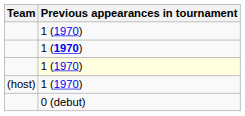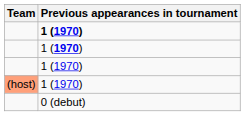 <table class="wikitable sortable">
 <tr>
 <th>Team</th>
 <th data-sort-type="number">Previous appearances in tournament</th>
 </tr>
 <tr>
 <td></td>
-<td>1 (<a href='#'>1970</a>)</td>
+<td><strong>1 (<a href='#'>1970</a>)</strong></td>
 </tr>
 <tr>
 <td></td>
 <td>1 (<strong><a href='#'>1970</a></strong>)</td>
 </tr>
 <tr>
 <td></td>
-<td style="background: lightyellow;">1 (<a href='#'>1970</a>)</td>
+<td>1 (<a href='#'>1970</a>)</td>
 </tr>
 <tr>
-<td> (host)</td>
+<td style="background: lightsalmon;"> (host)</td>
 <td>1 (<a href='#'>1970</a>)</td>
 </tr>
 <tr>
 <td></td>
 <td>0 (debut)</td>
 </tr>
 </table>
